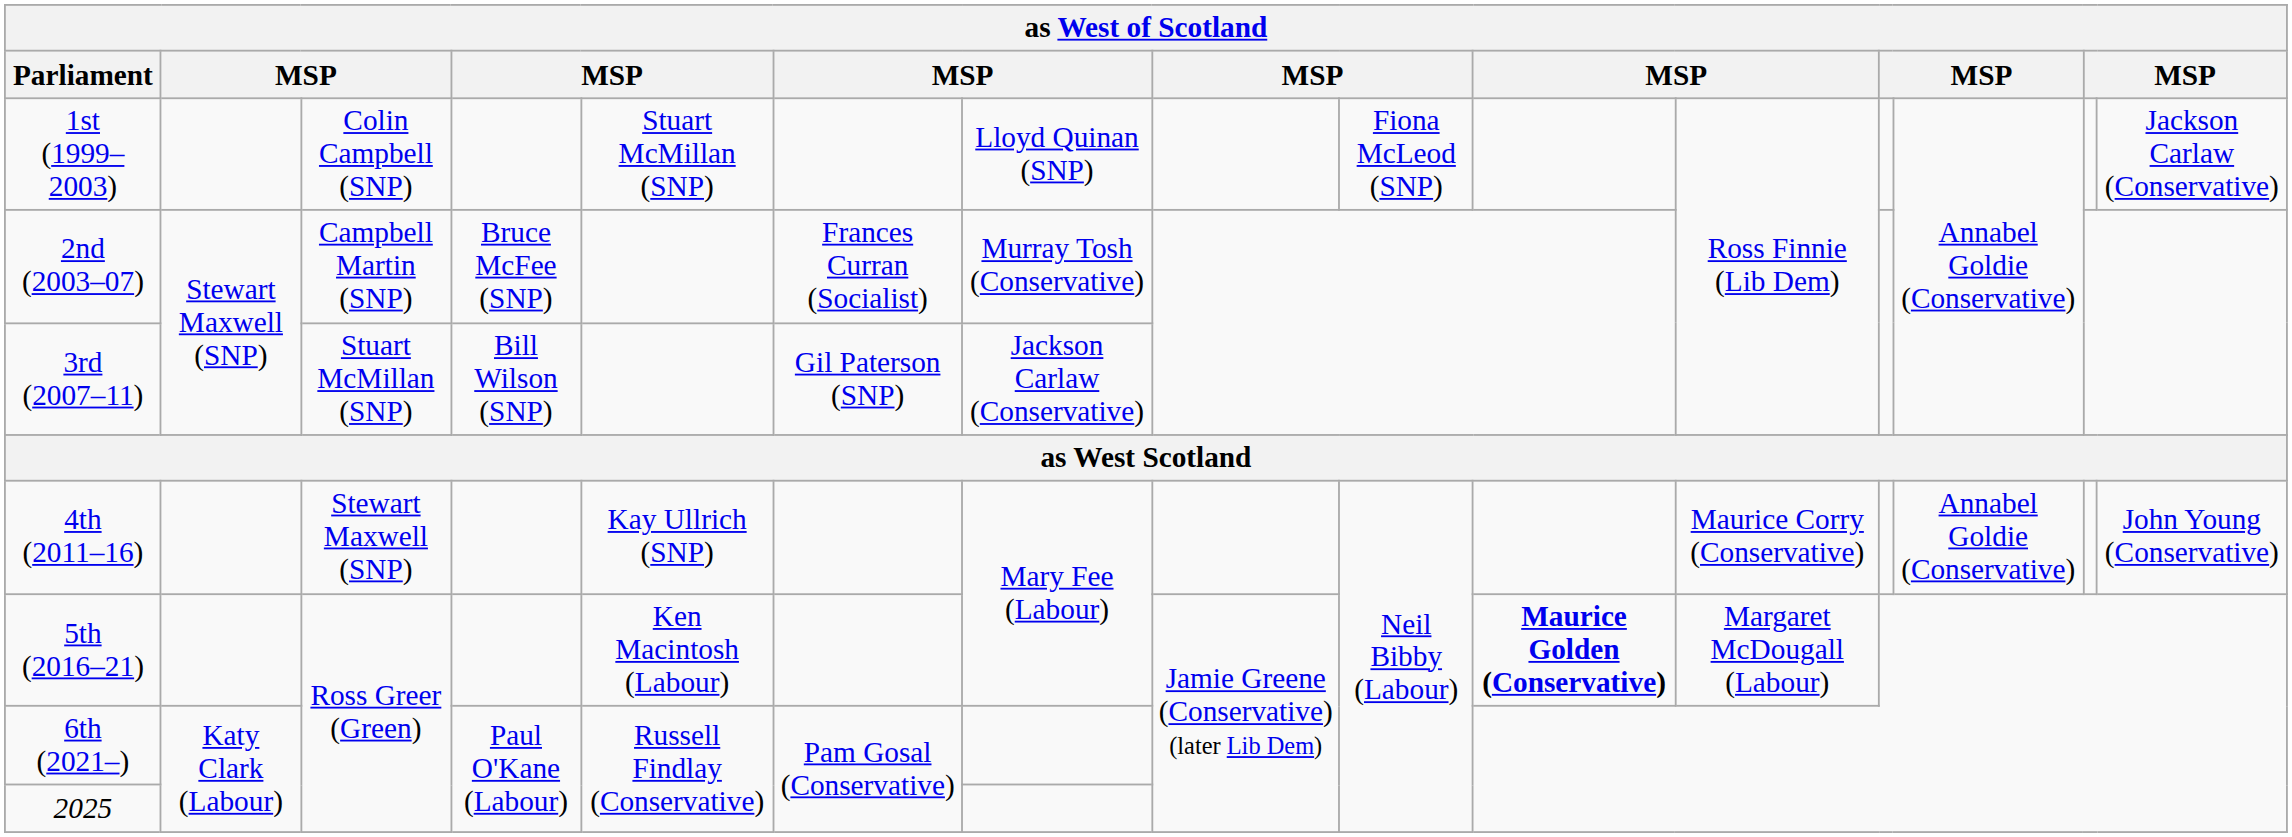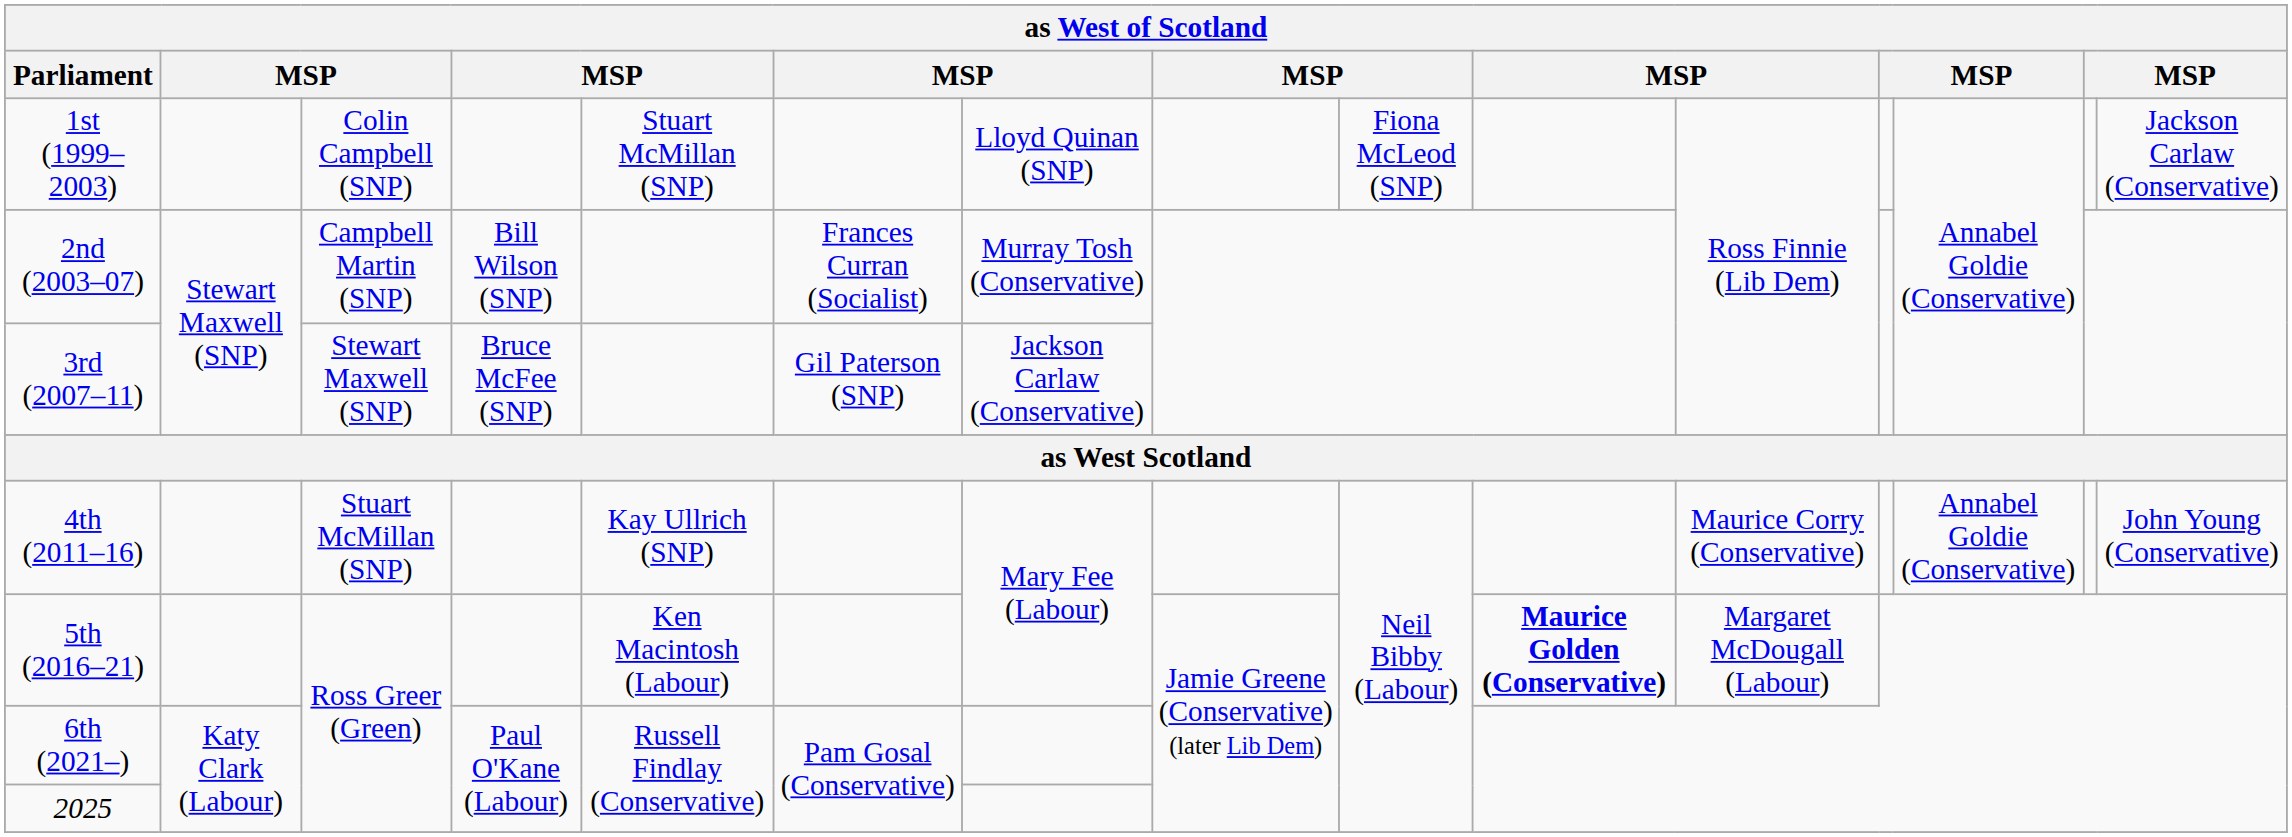 <table class="wikitable" style="text-align:center">
 <tr>
 <th colspan="15">as <a href='#'>West of Scotland</a></th>
 </tr>
 <tr>
 <th>Parliament</th>
 <th colspan="2">MSP</th>
 <th colspan="2">MSP</th>
 <th colspan="2">MSP</th>
 <th colspan="2">MSP</th>
 <th colspan="2">MSP</th>
 <th colspan="2">MSP</th>
 <th colspan="2">MSP</th>
 </tr>
 <tr>
 <td><a href='#'>1st</a> <br>(<a href='#'>1999–2003</a>)</td>
 <td></td>
 <td><a href='#'>Colin Campbell</a><br>(<a href='#'>SNP</a>)</td>
 <td></td>
 <td><a href='#'>Stuart McMillan</a><br>(<a href='#'>SNP</a>)</td>
 <td></td>
 <td><a href='#'>Lloyd Quinan</a><br>(<a href='#'>SNP</a>)</td>
 <td></td>
 <td><a href='#'>Fiona McLeod</a> <br>(<a href='#'>SNP</a>)</td>
 <td></td>
 <td rowspan="3"><a href='#'>Ross Finnie</a><br>(<a href='#'>Lib Dem</a>)</td>
 <td></td>
 <td rowspan="3"><a href='#'>Annabel Goldie</a><br>(<a href='#'>Conservative</a>)</td>
 <td></td>
 <td><a href='#'>Jackson Carlaw</a><br>(<a href='#'>Conservative</a>)</td>
 </tr>
 <tr>
 <td><a href='#'>2nd</a> <br>(<a href='#'>2003–07</a>)</td>
 <td rowspan="2"><a href='#'>Stewart Maxwell</a> <br>(<a href='#'>SNP</a>)</td>
 <td><a href='#'>Campbell Martin</a><br>(<a href='#'>SNP</a>)</td>
-<td><a href='#'>Bruce McFee</a><br>(<a href='#'>SNP</a>)</td>
+<td><a href='#'>Bill Wilson</a><br>(<a href='#'>SNP</a>)</td>
 <td></td>
 <td><a href='#'>Frances Curran</a><br>(<a href='#'>Socialist</a>)</td>
 <td><a href='#'>Murray Tosh</a><br>(<a href='#'>Conservative</a>)</td>
 </tr>
 <tr>
 <td><a href='#'>3rd</a> <br>(<a href='#'>2007–11</a>)</td>
-<td><a href='#'>Stuart McMillan</a><br>(<a href='#'>SNP</a>)</td>
-<td><a href='#'>Bill Wilson</a><br>(<a href='#'>SNP</a>)</td>
+<td><a href='#'>Stewart Maxwell</a><br>(<a href='#'>SNP</a>)</td>
+<td><a href='#'>Bruce McFee</a><br>(<a href='#'>SNP</a>)</td>
 <td></td>
 <td><a href='#'>Gil Paterson</a><br>(<a href='#'>SNP</a>)</td>
 <td><a href='#'>Jackson Carlaw</a><br>(<a href='#'>Conservative</a>)</td>
 </tr>
 <tr>
 <th colspan="15">as West Scotland</th>
 </tr>
 <tr>
 <td><a href='#'>4th</a> <br>(<a href='#'>2011–16</a>)</td>
 <td></td>
-<td><a href='#'>Stewart Maxwell</a><br>(<a href='#'>SNP</a>)</td>
+<td><a href='#'>Stuart McMillan</a><br>(<a href='#'>SNP</a>)</td>
 <td></td>
 <td><a href='#'>Kay Ullrich</a><br>(<a href='#'>SNP</a>)</td>
 <td></td>
 <td rowspan="2"><a href='#'>Mary Fee</a><br>(<a href='#'>Labour</a>)</td>
 <td></td>
 <td rowspan="4"><a href='#'>Neil Bibby</a><br>(<a href='#'>Labour</a>)</td>
 <td></td>
 <td><a href='#'>Maurice Corry</a><br>(<a href='#'>Conservative</a>)</td>
 <td></td>
 <td><a href='#'>Annabel Goldie</a><br>(<a href='#'>Conservative</a>)</td>
 <td></td>
 <td><a href='#'>John Young</a><br>(<a href='#'>Conservative</a>)</td>
 </tr>
 <tr>
 <td><a href='#'>5th</a> <br>(<a href='#'>2016–21</a>)</td>
 <td></td>
 <td rowspan="3"><a href='#'>Ross Greer</a><br>(<a href='#'>Green</a>)</td>
 <td></td>
 <td><a href='#'>Ken Macintosh</a><br>(<a href='#'>Labour</a>)</td>
 <td></td>
 <td rowspan="3"><a href='#'>Jamie Greene</a><br>(<a href='#'>Conservative</a>)<br><small>(later <a href='#'>Lib Dem</a>)</small></td>
 <td><strong><a href='#'>Maurice Golden</a><br>(<a href='#'>Conservative</a>)</strong></td>
 <td><a href='#'>Margaret McDougall</a><br>(<a href='#'>Labour</a>)</td>
 </tr>
 <tr>
 <td><a href='#'>6th</a> <br>(<a href='#'>2021–</a>)</td>
 <td rowspan="2"><a href='#'>Katy Clark</a><br>(<a href='#'>Labour</a>)</td>
 <td rowspan="2"><a href='#'>Paul O'Kane</a><br>(<a href='#'>Labour</a>)</td>
 <td rowspan="2"><a href='#'>Russell Findlay</a><br>(<a href='#'>Conservative</a>)</td>
 <td rowspan="2"><a href='#'>Pam Gosal</a><br>(<a href='#'>Conservative</a>)</td>
 </tr>
 <tr>
 <td><em>2025</em></td>
 <td></td>
 </tr>
 </table>
